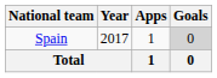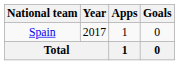 <table class="wikitable" style="text-align:center">
 <tr>
 <th>National team</th>
 <th>Year</th>
 <th>Apps</th>
 <th>Goals</th>
 </tr>
 <tr>
 <td><a href='#'>Spain</a></td>
 <td>2017</td>
 <td>1</td>
-<td style="background: lightgrey;">0</td>
+<td>0</td>
 </tr>
 <tr>
 <th colspan="2">Total</th>
 <th>1</th>
 <th>0</th>
 </tr>
 </table>
